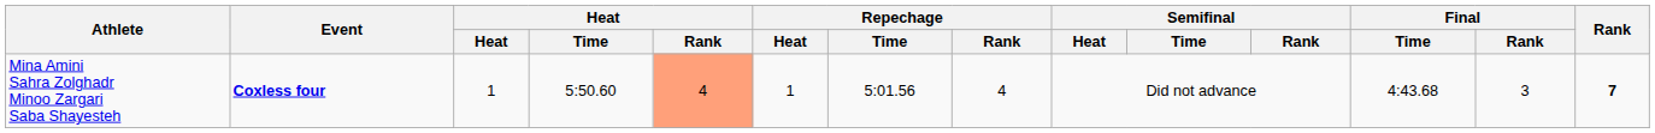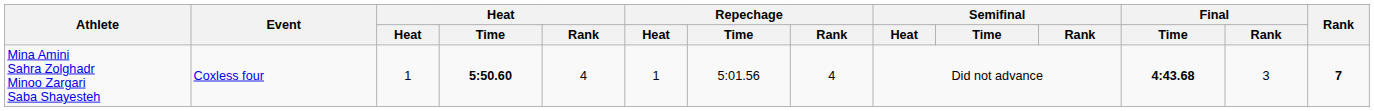 <table class="wikitable" width="98%" style="text-align:center; font-size:90%">
 <tr>
 <th rowspan="2" width="9%">Athlete</th>
 <th rowspan="2" width="9%">Event</th>
 <th colspan="3" width="12%">Heat</th>
 <th colspan="3" width="12%">Repechage</th>
 <th colspan="3" width="12%">Semifinal</th>
 <th colspan="2" width="9%">Final</th>
 <th rowspan="2" width="3%">Rank</th>
 </tr>
 <tr>
 <th width="3%">Heat</th>
 <th width="5%">Time</th>
 <th>Rank</th>
 <th width="3%">Heat</th>
 <th width="5%">Time</th>
 <th>Rank</th>
 <th width="3%">Heat</th>
 <th width="5%">Time</th>
 <th>Rank</th>
 <th width="5%">Time</th>
 <th>Rank</th>
 </tr>
 <tr>
 <td align="left"><a href='#'>Mina Amini</a><br><a href='#'>Sahra Zolghadr</a><br><a href='#'>Minoo Zargari</a><br><a href='#'>Saba Shayesteh</a></td>
-<td align="left"><strong><a href='#'>Coxless four</a></strong></td>
+<td align="left"><a href='#'>Coxless four</a></td>
 <td>1</td>
-<td>5:50.60</td>
-<td style="background: lightsalmon;">4</td>
+<td><strong>5:50.60</strong></td>
+<td>4</td>
 <td>1</td>
 <td>5:01.56</td>
 <td>4 <strong></strong></td>
 <td colspan=3>Did not advance</td>
-<td>4:43.68</td>
+<td><strong>4:43.68</strong></td>
 <td>3</td>
 <td><strong>7</strong></td>
 </tr>
 </table>
